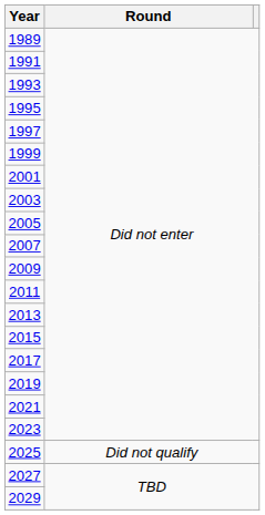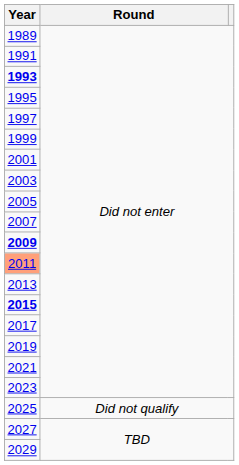 <table class="wikitable" style="text-align: center; font-size:90%">
 <tr>
 <th>Year</th>
 <th style="width:200px">Round</th>
 <th></th>
 </tr>
 <tr>
 <td><a href='#'>1989</a></td>
 <td colspan="2" rowspan="18"><em>Did not enter</em></td>
 </tr>
 <tr>
 <td><a href='#'>1991</a></td>
 </tr>
 <tr>
-<td><a href='#'>1993</a></td>
+<td><strong><a href='#'>1993</a></strong></td>
 </tr>
 <tr>
 <td><a href='#'>1995</a></td>
 </tr>
 <tr>
 <td><a href='#'>1997</a></td>
 </tr>
 <tr>
 <td><a href='#'>1999</a></td>
 </tr>
 <tr>
 <td><a href='#'>2001</a></td>
 </tr>
 <tr>
 <td><a href='#'>2003</a></td>
 </tr>
 <tr>
 <td><a href='#'>2005</a></td>
 </tr>
 <tr>
 <td><a href='#'>2007</a></td>
 </tr>
 <tr>
-<td><a href='#'>2009</a></td>
+<td><strong><a href='#'>2009</a></strong></td>
 </tr>
 <tr>
-<td><a href='#'>2011</a></td>
+<td style="background: lightsalmon;"><a href='#'>2011</a></td>
 </tr>
 <tr>
 <td><a href='#'>2013</a></td>
 </tr>
 <tr>
-<td><a href='#'>2015</a></td>
+<td><strong><a href='#'>2015</a></strong></td>
 </tr>
 <tr>
 <td><a href='#'>2017</a></td>
 </tr>
 <tr>
 <td><a href='#'>2019</a></td>
 </tr>
 <tr>
 <td><a href='#'>2021</a></td>
 </tr>
 <tr>
 <td><a href='#'>2023</a></td>
 </tr>
 <tr>
 <td><a href='#'>2025</a></td>
 <td colspan="2"><em>Did not qualify</em></td>
 </tr>
 <tr>
 <td><a href='#'>2027</a></td>
 <td colspan="2" rowspan="2"><em>TBD</em></td>
 </tr>
 <tr>
 <td><a href='#'>2029</a></td>
 </tr>
 </table>
